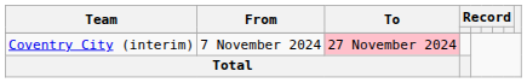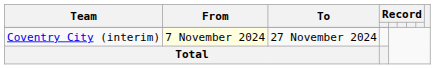 <table class="wikitable" style="text-align: center;">
 <tr>
 <th rowspan="2">Team</th>
 <th rowspan="2">From</th>
 <th rowspan="2">To</th>
 <th colspan="5">Record</th>
 <th rowspan="2"></th>
 </tr>
 <tr>
 <th></th>
 <th></th>
 <th></th>
 <th></th>
 <th></th>
 </tr>
 <tr>
 </tr>
 <tr>
 <td align="left"><a href='#'>Coventry City</a> (interim)</td>
-<td align="left">7 November 2024</td>
-<td align="left" style="background: pink;">27 November 2024<br></td>
+<td align="left" style="background: lightyellow;">7 November 2024</td>
+<td align="left">27 November 2024<br></td>
 <td></td>
 </tr>
 <tr>
 <th colspan="3">Total<br></th>
 <th></th>
 </tr>
 </table>
